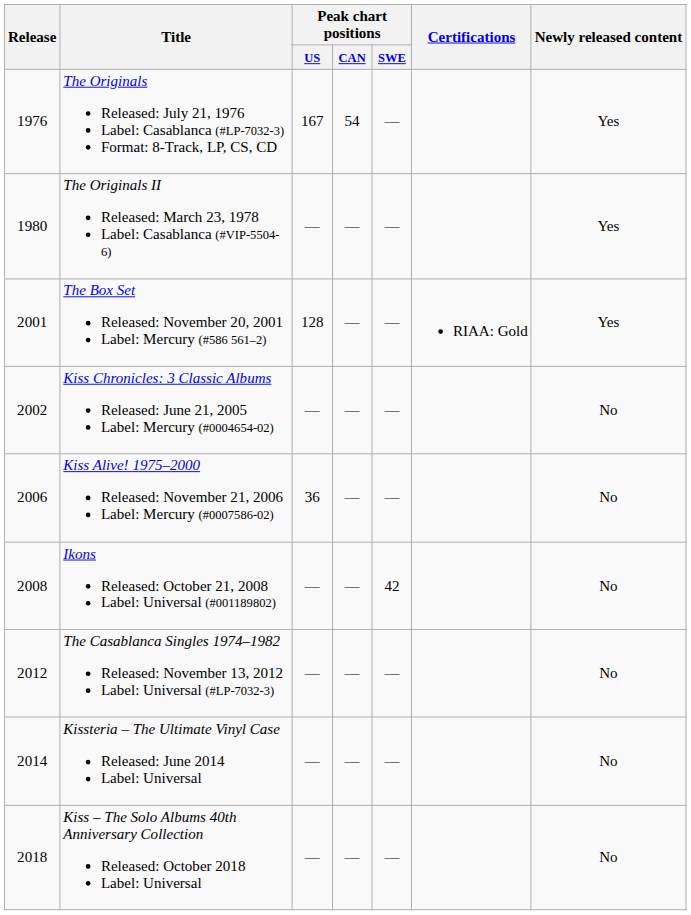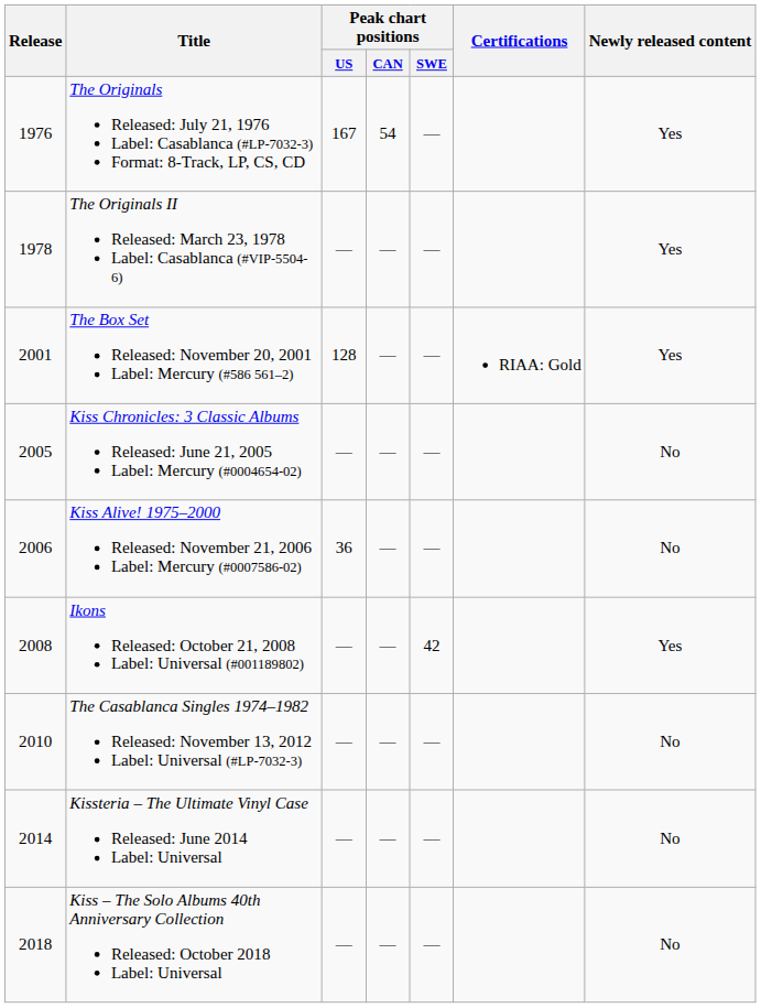 <table class="wikitable" style="text-align: center">
 <tr>
 <th rowspan="2">Release</th>
 <th rowspan="2" width="240">Title</th>
 <th colspan="3">Peak chart positions</th>
 <th rowspan="2"><a href='#'>Certifications</a></th>
 <th rowspan="2">Newly released content</th>
 </tr>
 <tr>
 <th style="width:35px;"><small><a href='#'>US</a></small><br></th>
 <th style="width:35px;"><small><a href='#'>CAN</a></small><br></th>
 <th style="width:35px;"><small><a href='#'>SWE</a></small><br></th>
 </tr>
 <tr>
 <td>1976</td>
 <td align="left"><em><a href='#'>The Originals</a></em><br><ul><li>Released: July 21, 1976</li><li>Label: Casablanca <small>(#LP-7032-3)</small></li><li>Format: 8-Track, LP, CS, CD</li></ul></td>
 <td>167</td>
 <td>54</td>
 <td>—</td>
 <td></td>
 <td>Yes</td>
 </tr>
 <tr>
-<td>1980</td>
+<td>1978</td>
 <td align="left"><em>The Originals II</em><br><ul><li>Released: March 23, 1978</li><li>Label: Casablanca <small>(#VIP-5504-6)</small></li></ul></td>
 <td>—</td>
 <td>—</td>
 <td>—</td>
 <td></td>
 <td>Yes</td>
 </tr>
 <tr>
 <td>2001</td>
 <td align="left"><em><a href='#'>The Box Set</a></em><br><ul><li>Released: November 20, 2001</li><li>Label: Mercury <small>(#586 561–2)</small></li></ul></td>
 <td>128</td>
 <td>—</td>
 <td>—</td>
 <td align="left"><br><ul><li>RIAA: Gold</li></ul></td>
 <td>Yes</td>
 </tr>
 <tr>
-<td>2002</td>
+<td>2005</td>
 <td align="left"><em><a href='#'>Kiss Chronicles: 3 Classic Albums</a></em><br><ul><li>Released: June 21, 2005</li><li>Label: Mercury <small>(#0004654-02)</small></li></ul></td>
 <td>—</td>
 <td>—</td>
 <td>—</td>
 <td align="left"></td>
 <td>No</td>
 </tr>
 <tr>
 <td>2006</td>
 <td align="left"><em><a href='#'>Kiss Alive! 1975–2000</a></em><br><ul><li>Released: November 21, 2006</li><li>Label: Mercury <small>(#0007586-02)</small></li></ul></td>
 <td>36</td>
 <td>—</td>
 <td>—</td>
 <td align="left"></td>
 <td>No</td>
 </tr>
 <tr>
 <td>2008</td>
 <td align="left"><em><a href='#'>Ikons</a></em><br><ul><li>Released: October 21, 2008</li><li>Label: Universal <small>(#001189802)</small></li></ul></td>
 <td>—</td>
 <td>—</td>
 <td>42</td>
 <td align="left"></td>
-<td>No</td>
+<td>Yes</td>
 </tr>
 <tr>
-<td>2012</td>
+<td>2010</td>
 <td align="left"><em>The Casablanca Singles 1974–1982</em><br><ul><li>Released: November 13, 2012</li><li>Label: Universal <small>(#LP-7032-3)</small></li></ul></td>
 <td>—</td>
 <td>—</td>
 <td>—</td>
 <td></td>
 <td>No</td>
 </tr>
 <tr>
 <td>2014</td>
 <td align="left"><em>Kissteria – The Ultimate Vinyl Case</em><br><ul><li>Released: June 2014</li><li>Label: Universal</li></ul></td>
 <td>—</td>
 <td>—</td>
 <td>—</td>
 <td></td>
 <td>No</td>
 </tr>
 <tr>
 <td>2018</td>
 <td align="left"><em>Kiss – The Solo Albums 40th Anniversary Collection</em><br><ul><li>Released: October 2018</li><li>Label: Universal</li></ul></td>
 <td>—</td>
 <td>—</td>
 <td>—</td>
 <td></td>
 <td>No</td>
 </tr>
 </table>
